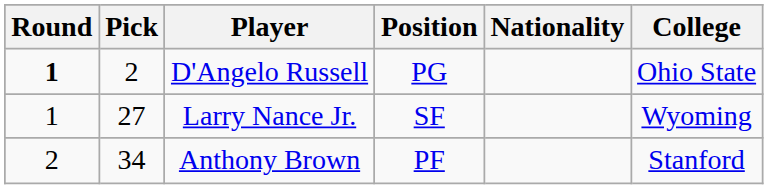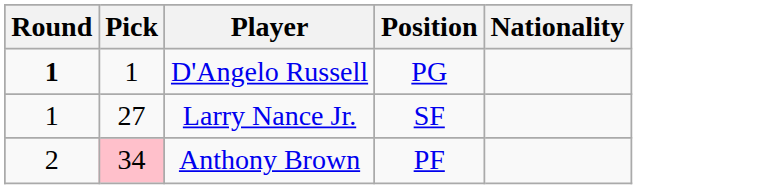 <table class="wikitable sortable sortable">
 <tr>
 <th>Round</th>
 <th>Pick</th>
 <th>Player</th>
 <th>Position</th>
 <th>Nationality</th>
-<th>College</th>
 </tr>
 <tr style="text-align: center">
 <td><strong>1</strong></td>
-<td>2</td>
+<td>1</td>
 <td><a href='#'>D'Angelo Russell</a></td>
 <td><a href='#'>PG</a></td>
 <td></td>
-<td><a href='#'>Ohio State</a></td>
 </tr>
 <tr style="text-align: center">
 <td>1</td>
 <td>27</td>
 <td><a href='#'>Larry Nance Jr.</a></td>
 <td><a href='#'>SF</a></td>
 <td></td>
-<td><a href='#'>Wyoming</a></td>
 </tr>
 <tr style="text-align: center">
 <td>2</td>
-<td>34</td>
+<td style="background: pink;">34</td>
 <td><a href='#'>Anthony Brown</a></td>
 <td><a href='#'>PF</a></td>
 <td></td>
-<td><a href='#'>Stanford</a></td>
 </tr>
 </table>
